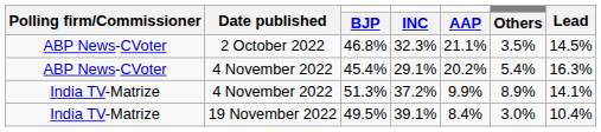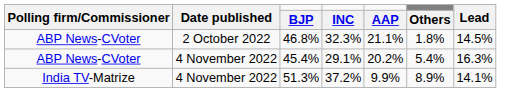 <table class="wikitable" style="text-align:center;font-size:95%;line-height:16px;">
 <tr>
 <th class="wikitable" rowspan="2">Polling firm/Commissioner</th>
 <th class="wikitable" rowspan="2">Date published</th>
 <td></td>
 <td></td>
 <td></td>
 <td style="background:gray;"></td>
 <th rowspan="2">Lead</th>
 </tr>
 <tr>
 <th class="wikitable"><a href='#'>BJP</a></th>
 <th class="wikitable"><a href='#'>INC</a></th>
 <th class="wikitable"><a href='#'>AAP</a></th>
 <th class="wikitable">Others</th>
 </tr>
 <tr>
 <td><a href='#'>ABP News</a>-<a href='#'>CVoter</a></td>
 <td>2 October 2022</td>
 <td style="background:">46.8%</td>
 <td>32.3%</td>
 <td>21.1%</td>
-<td>3.5%</td>
+<td>1.8%</td>
 <td style="background:">14.5%</td>
 </tr>
 <tr>
 <td><a href='#'>ABP News</a>-<a href='#'>CVoter</a></td>
 <td>4 November 2022</td>
 <td style="background:">45.4%</td>
 <td>29.1%</td>
 <td>20.2%</td>
 <td>5.4%</td>
 <td style="background:">16.3%</td>
 </tr>
 <tr>
 <td><a href='#'>India TV</a>-Matrize</td>
 <td>4 November 2022</td>
 <td style="background:">51.3%</td>
 <td>37.2%</td>
 <td>9.9%</td>
 <td>8.9%</td>
 <td style="background:">14.1%</td>
 </tr>
-<tr>
-<td><a href='#'>India TV</a>-Matrize</td>
-<td>19 November 2022</td>
-<td style="background:">49.5%</td>
-<td>39.1%</td>
-<td>8.4%</td>
-<td>3.0%</td>
-<td style="background:">10.4%</td>
-</tr>
 </table>
